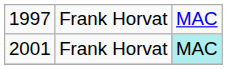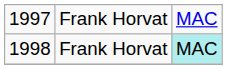 <table class="wikitable">
 <tr>
 <td>1997</td>
 <td> Frank Horvat</td>
 <td><a href='#'>MAC</a></td>
 </tr>
 <tr>
-<td>2001</td>
+<td>1998</td>
 <td> Frank Horvat</td>
 <td style="background: paleturquoise;">MAC</td>
 </tr>
 <tr>
 </tr>
 </table>
